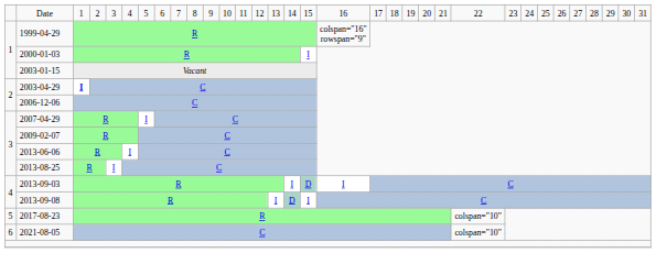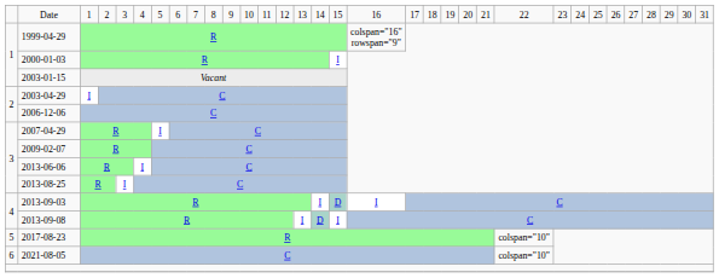 <table border=1 cellpadding=4 cellspacing=0 style="background: #f9f9f9; border: 1px #aaaaaa solid; border-collapse: collapse; font-size: 70%; text-align: center;">
 <tr>
 <td></td>
 <td width=65px>Date</td>
 <td width=12px>1</td>
 <td width=12px>2</td>
 <td width=12px>3</td>
 <td width=12px>4</td>
 <td width=12px>5</td>
 <td width=12px>6</td>
 <td width=12px>7</td>
 <td width=12px>8</td>
 <td width=12px>9</td>
 <td width=12px>10</td>
 <td width=12px>11</td>
 <td width=12px>12</td>
 <td width=12px>13</td>
 <td width=12px>14</td>
 <td width=12px>15</td>
 <td width=12px>16</td>
 <td width=12px>17</td>
 <td width=12px>18</td>
 <td width=12px>19</td>
 <td width=12px>20</td>
 <td width=12px>21</td>
 <td width=12px>22</td>
 <td width=12px>23</td>
 <td width=12px>24</td>
 <td width=12px>25</td>
 <td width=12px>26</td>
 <td width=12px>27</td>
 <td width=12px>28</td>
 <td width=12px>29</td>
 <td width=12px>30</td>
 <td width=12px>31</td>
 </tr>
 <tr>
 <td rowspan=3>1</td>
 <td align=left>1999-04-29</td>
 <td colspan="15" style="background:#98FB98;"><a href='#'>R</a></td>
 <td>colspan="16" rowspan="9" </td>
 </tr>
 <tr>
 <td align=left>2000-01-03</td>
 <td colspan="14" style="background:#98FB98;"><a href='#'>R</a></td>
 <td style="background:#ffffff;"><a href='#'>I</a></td>
 </tr>
 <tr>
 <td align=left>2003-01-15</td>
 <td colspan="15" style="background:#ececec;"><em>Vacant</em></td>
 </tr>
 <tr>
 <td rowspan=2>2</td>
 <td align=left>2003-04-29</td>
-<td style="background:#ffffff;"><strong><a href='#'>I</a></strong></td>
+<td style="background:#ffffff;"><a href='#'>I</a></td>
 <td colspan="14" style="background:#B0C4DE;"><a href='#'>C</a></td>
 </tr>
 <tr>
 <td align=left>2006-12-06</td>
 <td colspan="15" style="background:#B0C4DE;"><a href='#'>C</a></td>
 </tr>
 <tr>
 <td rowspan=4>3</td>
 <td align=left>2007-04-29</td>
 <td colspan="4" style="background:#98FB98;"><a href='#'>R</a></td>
 <td style="background:#ffffff;"><a href='#'>I</a></td>
 <td colspan="10" style="background:#B0C4DE;"><a href='#'>C</a></td>
 </tr>
 <tr>
 <td align=left>2009-02-07</td>
 <td colspan="4" style="background:#98FB98;"><a href='#'>R</a></td>
 <td colspan="11" style="background:#B0C4DE;"><a href='#'>C</a></td>
 </tr>
 <tr>
 <td align=left>2013-06-06</td>
 <td colspan="3" style="background:#98FB98;"><a href='#'>R</a></td>
 <td style="background:#ffffff;"><a href='#'>I</a></td>
 <td colspan="11" style="background:#B0C4DE;"><a href='#'>C</a></td>
 </tr>
 <tr>
 <td align=left>2013-08-25</td>
 <td colspan="2" style="background:#98FB98;"><a href='#'>R</a></td>
 <td style="background:#ffffff;"><a href='#'>I</a></td>
 <td colspan="12" style="background:#B0C4DE;"><a href='#'>C</a></td>
 </tr>
 <tr>
 <td rowspan=2>4</td>
 <td align=left>2013-09-03</td>
 <td colspan="13" style="background:#98FB98;"><a href='#'>R</a></td>
 <td style="background:#ffffff;"><a href='#'>I</a></td>
 <td style="background:#A9D4C9;"><a href='#'>D</a></td>
 <td style="background:#ffffff;"><a href='#'>I</a></td>
 <td colspan="15" style="background:#B0C4DE;"><a href='#'>C</a></td>
 </tr>
 <tr>
 <td align=left>2013-09-08</td>
 <td colspan="12" style="background:#98FB98;"><a href='#'>R</a></td>
 <td style="background:#ffffff;"><a href='#'>I</a></td>
 <td style="background:#A9D4C9;"><a href='#'>D</a></td>
 <td style="background:#ffffff;"><a href='#'>I</a></td>
 <td colspan="16" style="background:#B0C4DE;"><a href='#'>C</a></td>
 </tr>
 <tr>
 <td>5</td>
 <td align=left>2017-08-23</td>
 <td colspan="21" style="background:#98FB98;"><a href='#'>R</a></td>
 <td>colspan="10" </td>
 </tr>
 <tr>
 <td>6</td>
 <td align=left>2021-08-05</td>
 <td colspan="21" style="background:#B0C4DE;"><a href='#'>C</a></td>
 <td>colspan="10" </td>
 </tr>
 <tr>
 <td colspan=33 align=left></td>
 </tr>
 <tr>
 </tr>
 </table>
